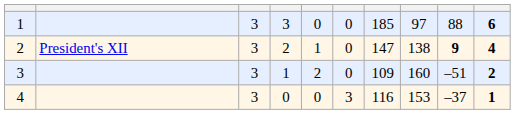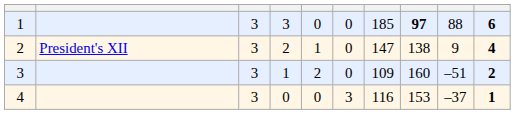 <table class="wikitable" style="text-align:center; font-size:95%">
 <tr>
 <th width="25"></th>
 <th width="200"></th>
 <th width="25"></th>
 <th width="25"></th>
 <th width="25"></th>
 <th width="25"></th>
 <th width="30"></th>
 <th width="30"></th>
 <th width="30"></th>
 <th width="30"></th>
 </tr>
 <tr style="background:#e6efff">
 <td>1</td>
 <td style="text-align:left"></td>
 <td>3</td>
 <td>3</td>
 <td>0</td>
 <td>0</td>
 <td>185</td>
-<td>97</td>
+<td><strong>97</strong></td>
 <td>88</td>
 <td><strong>6</strong></td>
 </tr>
 <tr style="background:#fff6e6">
 <td>2</td>
 <td style="text-align:left"> <a href='#'>President's XII</a> <em></em></td>
 <td>3</td>
 <td>2</td>
 <td>1</td>
 <td>0</td>
 <td>147</td>
 <td>138</td>
-<td><strong>9</strong></td>
+<td>9</td>
 <td><strong>4</strong></td>
 </tr>
 <tr style="background:#e6efff">
 <td>3</td>
 <td style="text-align:left"></td>
 <td>3</td>
 <td>1</td>
 <td>2</td>
 <td>0</td>
 <td>109</td>
 <td>160</td>
 <td>–51</td>
 <td><strong>2</strong></td>
 </tr>
 <tr style="background:#fff6e6">
 <td>4</td>
 <td style="text-align:left"></td>
 <td>3</td>
 <td>0</td>
 <td>0</td>
 <td>3</td>
 <td>116</td>
 <td>153</td>
 <td>–37</td>
 <td><strong>1</strong></td>
 </tr>
 </table>
